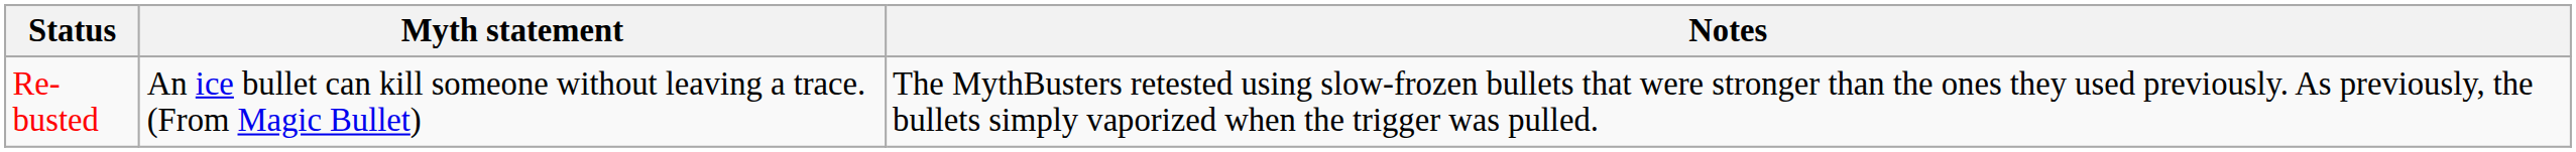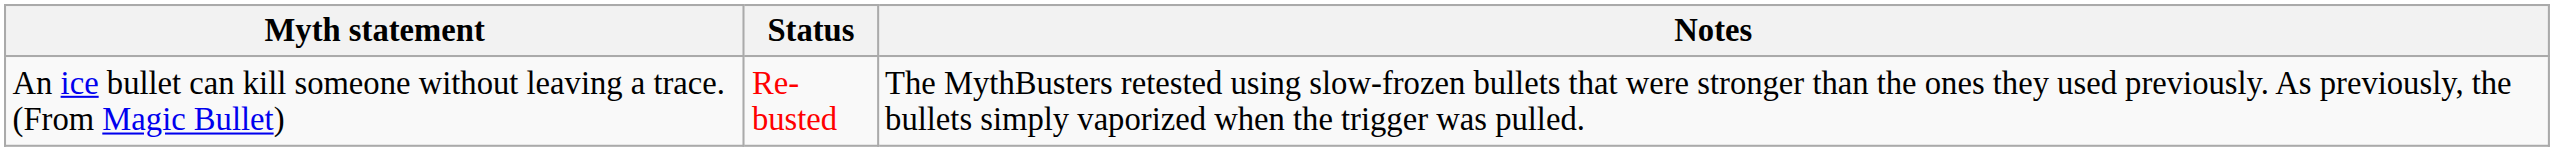 <table class="wikitable plainrowheaders">
 <tr>
+<th>Myth statement</th>
 <th>Status</th>
-<th>Myth statement</th>
 <th>Notes</th>
 </tr>
 <tr>
+<td>An <a href='#'>ice</a> bullet can kill someone without leaving a trace. (From <a href='#'>Magic Bullet</a>)</td>
 <td style="color:red">Re-busted</td>
-<td>An <a href='#'>ice</a> bullet can kill someone without leaving a trace. (From <a href='#'>Magic Bullet</a>)</td>
 <td>The MythBusters retested using slow-frozen bullets that were stronger than the ones they used previously. As previously, the bullets simply vaporized when the trigger was pulled.</td>
 </tr>
 </table>
